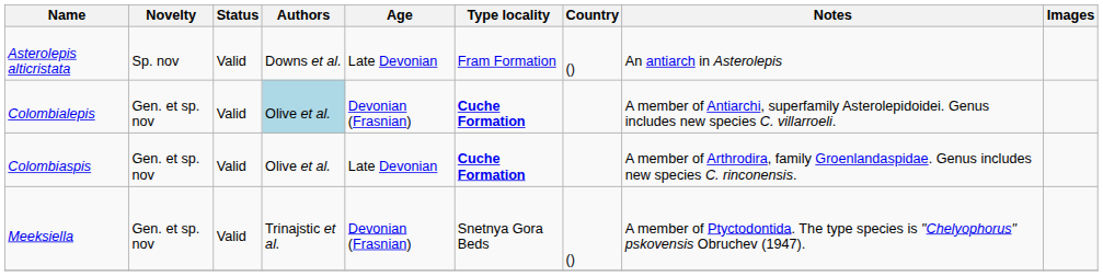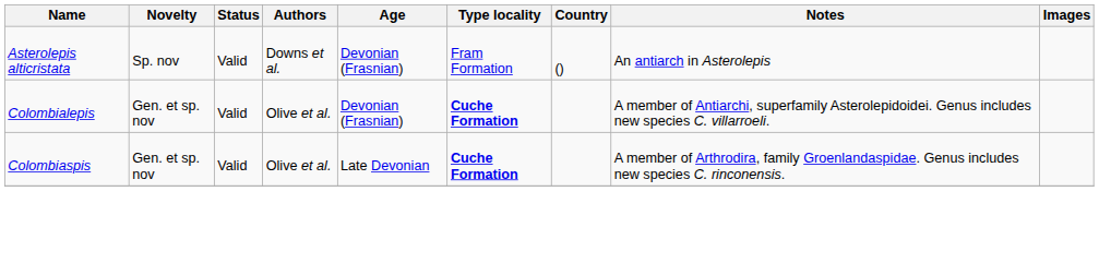 <table class="wikitable sortable" align="center" width="100%">
 <tr>
 <th>Name</th>
 <th>Novelty</th>
 <th>Status</th>
 <th>Authors</th>
 <th>Age</th>
 <th>Type locality</th>
 <th>Country</th>
 <th>Notes</th>
 <th>Images</th>
 </tr>
 <tr>
 <td><br><em><a href='#'>Asterolepis alticristata</a></em></td>
 <td><br>Sp. nov</td>
 <td><br>Valid</td>
 <td><br>Downs <em>et al.</em></td>
-<td><br>Late <a href='#'>Devonian</a></td>
+<td><br><a href='#'>Devonian</a> (<a href='#'>Frasnian</a>)</td>
 <td><br><a href='#'>Fram Formation</a></td>
 <td><br><br>()</td>
 <td><br>An <a href='#'>antiarch</a> in <em>Asterolepis</em></td>
 <td></td>
 </tr>
 <tr>
 <td><br><em><a href='#'>Colombialepis</a></em></td>
 <td><br>Gen. et sp. nov</td>
 <td><br>Valid</td>
-<td style="background: lightblue;"><br>Olive <em>et al.</em></td>
+<td><br>Olive <em>et al.</em></td>
 <td><br><a href='#'>Devonian</a> (<a href='#'>Frasnian</a>)</td>
 <td><strong><br><a href='#'>Cuche Formation</a></strong></td>
 <td><br></td>
 <td><br>A member of <a href='#'>Antiarchi</a>, superfamily Asterolepidoidei. Genus includes new species <em>C. villarroeli</em>.</td>
 <td></td>
 </tr>
 <tr>
 <td><br><em><a href='#'>Colombiaspis</a></em></td>
 <td><br>Gen. et sp. nov</td>
 <td><br>Valid</td>
 <td><br>Olive <em>et al.</em></td>
 <td><br>Late <a href='#'>Devonian</a></td>
 <td><strong><br><a href='#'>Cuche Formation</a></strong></td>
 <td><br></td>
 <td><br>A member of <a href='#'>Arthrodira</a>, family <a href='#'>Groenlandaspidae</a>. Genus includes new species <em>C. rinconensis</em>.</td>
 <td></td>
 </tr>
 <tr>
-<td><br><em><a href='#'>Meeksiella</a></em></td>
-<td><br>Gen. et sp. nov</td>
-<td><br>Valid</td>
-<td><br>Trinajstic <em>et al.</em></td>
-<td><br><a href='#'>Devonian</a> (<a href='#'>Frasnian</a>)</td>
-<td><br>Snetnya Gora Beds</td>
-<td><br><br> <br> <br>()</td>
-<td><br>A member of <a href='#'>Ptyctodontida</a>. The type species is <em>"<a href='#'>Chelyophorus</a>" pskovensis</em> Obruchev (1947).</td>
-<td></td>
-</tr>
-<tr>
 </tr>
 </table>
